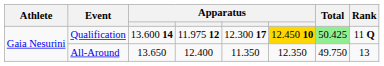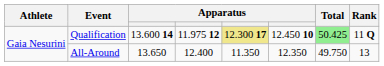 <table class="wikitable" style="font-size:90%">
 <tr>
 <th rowspan=2>Athlete</th>
 <th rowspan=2>Event</th>
 <th colspan =4>Apparatus</th>
 <th rowspan=2>Total</th>
 <th rowspan=2>Rank</th>
 </tr>
 <tr style="font-size:95%">
 <th></th>
 <th></th>
 <th></th>
 <th></th>
 </tr>
 <tr align=center>
 <td align=left rowspan=2><a href='#'>Gaia Nesurini</a></td>
 <td align=left><a href='#'>Qualification</a></td>
 <td>13.600	<strong>14	</strong></td>
 <td>11.975	<strong>12</strong></td>
-<td>12.300	<strong>17</strong></td>
-<td style="background: gold;">12.450	<strong>10</strong></td>
+<td style="background: khaki;">12.300	<strong>17</strong></td>
+<td>12.450	<strong>10</strong></td>
 <td style="background: lightgreen;">50.425</td>
 <td>11 <strong>Q</strong></td>
 </tr>
 <tr align=center>
 <td align=left><a href='#'>All-Around</a></td>
 <td>13.650</td>
 <td>12.400</td>
 <td>11.350</td>
 <td>12.350</td>
 <td>49.750</td>
 <td>13</td>
 </tr>
 </table>
